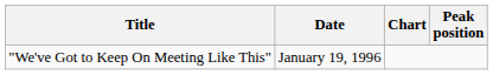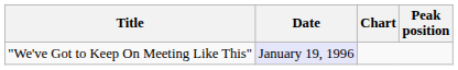 <table class="wikitable">
 <tr>
 <th>Title</th>
 <th>Date</th>
 <th>Chart</th>
 <th>Peak<br>position</th>
 </tr>
 <tr>
 <td>"We've Got to Keep On Meeting Like This"</td>
-<td>January 19, 1996<br></td>
+<td style="background: lavender;">January 19, 1996<br></td>
 </tr>
 </table>
